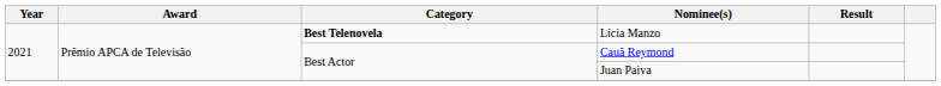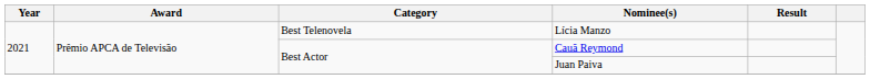 <table class="wikitable sortable" style="width:99%;">
 <tr>
 <th style="width:5%;">Year</th>
 <th style="width:23%;">Award</th>
 <th style="width:28%;">Category</th>
 <th style="width:20%;">Nominee(s)</th>
 <th style="width:9%;">Result</th>
 <th style="width:3%;" class="unsortable"></th>
 </tr>
 <tr>
 <td rowspan="3">2021</td>
 <td rowspan="3">Prêmio APCA de Televisão</td>
-<td><strong>Best Telenovela</strong></td>
+<td>Best Telenovela</td>
 <td>Lícia Manzo</td>
 <td></td>
 <td rowspan="3"></td>
 </tr>
 <tr>
 <td rowspan="2">Best Actor</td>
 <td><a href='#'>Cauã Reymond</a></td>
 <td></td>
 </tr>
 <tr>
 <td>Juan Paiva</td>
 <td></td>
 </tr>
 <tr>
 </tr>
 </table>
